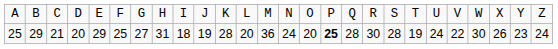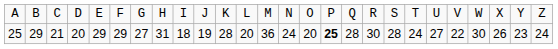 <table class="wikitable" style="text-align: center;">
 <tr style="font-family: Courier, monospace; font-size: 12pt;">
 <td style="width: 20px;">A</td>
 <td style="width: 20px;">B</td>
 <td style="width: 20px;">C</td>
 <td style="width: 20px;">D</td>
 <td style="width: 20px;">E</td>
 <td style="width: 20px;">F</td>
 <td style="width: 20px;">G</td>
 <td style="width: 20px;">H</td>
 <td style="width: 20px;">I</td>
 <td style="width: 20px;">J</td>
 <td style="width: 20px;">K</td>
 <td style="width: 20px;">L</td>
 <td style="width: 20px;">M</td>
 <td style="width: 20px;">N</td>
 <td style="width: 20px;">O</td>
 <td style="width: 20px;">P</td>
 <td style="width: 20px;">Q</td>
 <td style="width: 20px;">R</td>
 <td style="width: 20px;">S</td>
 <td style="width: 20px;">T</td>
 <td style="width: 20px;">U</td>
 <td style="width: 20px;">V</td>
 <td style="width: 20px;">W</td>
 <td style="width: 20px;">X</td>
 <td style="width: 20px;">Y</td>
 <td style="width: 20px;">Z</td>
 </tr>
 <tr>
 <td>25</td>
 <td>29</td>
 <td>21</td>
 <td>20</td>
 <td>29</td>
-<td>25</td>
+<td>29</td>
 <td>27</td>
 <td>31</td>
 <td>18</td>
 <td>19</td>
 <td>28</td>
 <td>20</td>
 <td>36</td>
 <td>24</td>
 <td>20</td>
 <td><strong>25</strong></td>
 <td>28</td>
 <td>30</td>
 <td>28</td>
-<td>19</td>
 <td>24</td>
+<td>27</td>
 <td>22</td>
 <td>30</td>
 <td>26</td>
 <td>23</td>
 <td>24</td>
 </tr>
 </table>
